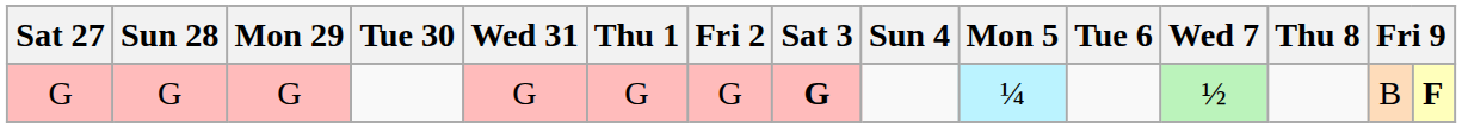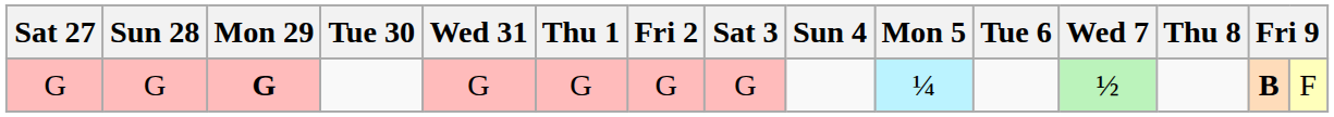 <table class="wikitable" style="margin:0.5em auto; font-size:90%; line-height:1.25em;text-align:center">
 <tr>
 <th>Sat 27</th>
 <th>Sun 28</th>
 <th>Mon 29</th>
 <th>Tue 30</th>
 <th>Wed 31</th>
 <th>Thu 1</th>
 <th>Fri 2</th>
 <th>Sat 3</th>
 <th>Sun 4</th>
 <th>Mon 5</th>
 <th>Tue 6</th>
 <th>Wed 7</th>
 <th>Thu 8</th>
 <th colspan="2">Fri 9</th>
 </tr>
 <tr>
 <td bgcolor="#FFBBBB">G</td>
 <td bgcolor="#FFBBBB">G</td>
-<td bgcolor="#FFBBBB">G</td>
+<td bgcolor="#FFBBBB"><strong>G</strong></td>
 <td></td>
 <td bgcolor="#FFBBBB">G</td>
 <td bgcolor="#FFBBBB">G</td>
 <td bgcolor="#FFBBBB">G</td>
-<td bgcolor="#FFBBBB"><strong>G</strong></td>
+<td bgcolor="#FFBBBB">G</td>
 <td></td>
 <td bgcolor="#BBF3FF">¼</td>
 <td></td>
 <td bgcolor="#BBF3BB">½</td>
 <td></td>
-<td bgcolor="#FEDCBA">B</td>
-<td bgcolor="#FFFFBB"><strong>F</strong></td>
+<td bgcolor="#FEDCBA"><strong>B</strong></td>
+<td bgcolor="#FFFFBB">F</td>
 </tr>
 </table>
